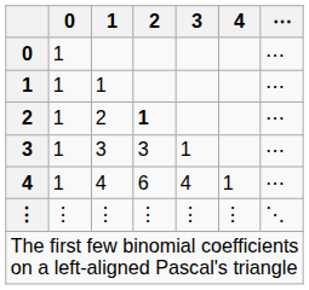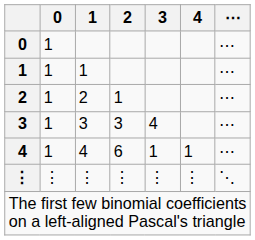 <table class="wikitable" style="float:right;line-spacing:0.8;margin-left:1ex;">
 <tr>
 <th></th>
 <th>0</th>
 <th>1</th>
 <th>2</th>
 <th>3</th>
 <th>4</th>
 <th>⋯</th>
 </tr>
 <tr>
 <th>0</th>
 <td>1</td>
 <td></td>
 <td></td>
 <td></td>
 <td></td>
 <td>⋯</td>
 </tr>
 <tr>
 <th>1</th>
 <td>1</td>
 <td>1</td>
 <td></td>
 <td></td>
 <td></td>
 <td>⋯</td>
 </tr>
 <tr>
 <th>2</th>
 <td>1</td>
 <td>2</td>
-<td><strong>1</strong></td>
+<td>1</td>
 <td></td>
 <td></td>
 <td>⋯</td>
 </tr>
 <tr>
 <th>3</th>
 <td>1</td>
 <td>3</td>
 <td>3</td>
-<td>1</td>
+<td>4</td>
 <td></td>
 <td>⋯</td>
 </tr>
 <tr>
 <th>4</th>
 <td>1</td>
 <td>4</td>
 <td>6</td>
-<td>4</td>
+<td>1</td>
 <td>1</td>
 <td>⋯</td>
 </tr>
 <tr>
 <th>⋮</th>
 <td>⋮</td>
 <td>⋮</td>
 <td>⋮</td>
 <td>⋮</td>
 <td>⋮</td>
 <td>⋱</td>
 </tr>
 <tr>
 <td colspan="7">The first few binomial coefficients<br>on a left-aligned Pascal's triangle</td>
 </tr>
 </table>
